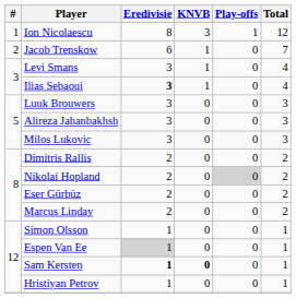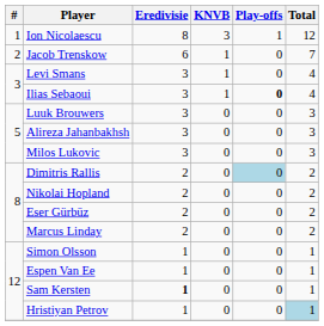 <table class="wikitable" style="text-align:right;">
 <tr>
 <th>#</th>
 <th>Player</th>
 <th><a href='#'>Eredivisie</a></th>
 <th><a href='#'>KNVB</a></th>
 <th><a href='#'>Play-offs</a></th>
 <th>Total</th>
 </tr>
 <tr>
 <td>1</td>
 <td align=left> <a href='#'>Ion Nicolaescu</a></td>
 <td>8</td>
 <td>3</td>
 <td>1</td>
 <td>12</td>
 </tr>
 <tr>
 <td>2</td>
 <td align=left> <a href='#'>Jacob Trenskow</a></td>
 <td>6</td>
 <td>1</td>
 <td>0</td>
 <td>7</td>
 </tr>
 <tr>
 <td rowspan="2">3</td>
 <td align=left> <a href='#'>Levi Smans</a></td>
 <td>3</td>
 <td>1</td>
 <td>0</td>
 <td>4</td>
 </tr>
 <tr>
 <td align=left> <a href='#'>Ilias Sebaoui</a></td>
-<td><strong>3</strong></td>
+<td>3</td>
 <td>1</td>
-<td>0</td>
+<td><strong>0</strong></td>
 <td>4</td>
 </tr>
 <tr>
 <td rowspan="3">5</td>
 <td align=left> <a href='#'>Luuk Brouwers</a></td>
 <td>3</td>
 <td>0</td>
 <td>0</td>
 <td>3</td>
 </tr>
 <tr>
 <td align=left> <a href='#'>Alireza Jahanbakhsh</a></td>
 <td>3</td>
 <td>0</td>
 <td>0</td>
 <td>3</td>
 </tr>
 <tr>
 <td align=left> <a href='#'>Milos Lukovic</a></td>
 <td>3</td>
 <td>0</td>
 <td>0</td>
 <td>3</td>
 </tr>
 <tr>
 <td rowspan="4">8</td>
 <td align=left> <a href='#'>Dimitris Rallis</a></td>
 <td>2</td>
 <td>0</td>
-<td>0</td>
+<td style="background: lightblue;">0</td>
 <td>2</td>
 </tr>
 <tr>
 <td align=left> <a href='#'>Nikolai Hopland</a></td>
 <td>2</td>
 <td>0</td>
-<td style="background: lightgrey;">0</td>
+<td>0</td>
 <td>2</td>
 </tr>
 <tr>
 <td align=left> <a href='#'>Eser Gürbüz</a></td>
 <td>2</td>
 <td>0</td>
 <td>0</td>
 <td>2</td>
 </tr>
 <tr>
 <td align=left> <a href='#'>Marcus Linday</a></td>
 <td>2</td>
 <td>0</td>
 <td>0</td>
 <td>2</td>
 </tr>
 <tr>
 <td rowspan="4">12</td>
 <td align=left> <a href='#'>Simon Olsson</a></td>
 <td>1</td>
 <td>0</td>
 <td>0</td>
 <td>1</td>
 </tr>
 <tr>
 <td align=left> <a href='#'>Espen Van Ee</a></td>
-<td style="background: lightgrey;">1</td>
+<td>1</td>
 <td>0</td>
 <td>0</td>
 <td>1</td>
 </tr>
 <tr>
 <td align=left> <a href='#'>Sam Kersten</a></td>
 <td><strong>1</strong></td>
-<td><strong>0</strong></td>
+<td>0</td>
 <td>0</td>
 <td>1</td>
 </tr>
 <tr>
 <td align=left> <a href='#'>Hristiyan Petrov</a></td>
 <td>1</td>
 <td>0</td>
 <td>0</td>
-<td>1</td>
+<td style="background: lightblue;">1</td>
 </tr>
 <tr>
 </tr>
 </table>
